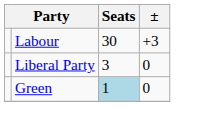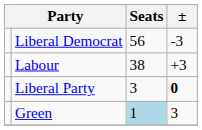 <table class="wikitable">
 <tr>
 <th colspan="2">Party</th>
 <th>Seats</th>
 <th>  ±  </th>
 </tr>
 <tr>
 <td style="background-color: "></td>
+<td><a href='#'>Liberal Democrat</a></td>
+<td>56</td>
+<td>-3</td>
+</tr>
+<tr>
+<td style="background-color: "></td>
 <td><a href='#'>Labour</a></td>
-<td>30</td>
+<td>38</td>
 <td>+3</td>
 </tr>
 <tr>
 <td style="background-color: "></td>
 <td><a href='#'>Liberal Party</a></td>
 <td>3</td>
-<td>0</td>
+<td><strong>0</strong></td>
 </tr>
 <tr>
 <td style="background-color: "></td>
 <td><a href='#'>Green</a></td>
 <td style="background: lightblue;">1</td>
-<td>0</td>
+<td>3</td>
 </tr>
 <tr>
 </tr>
 </table>
